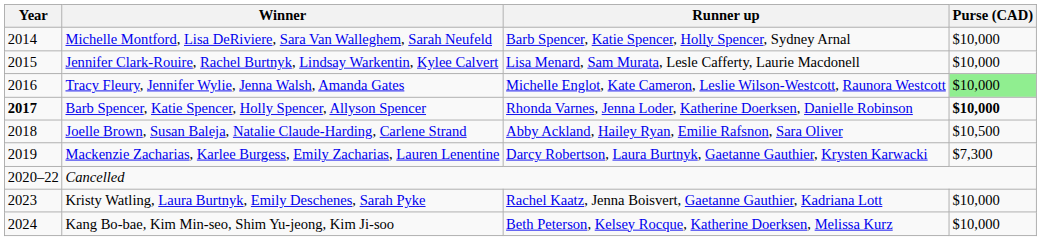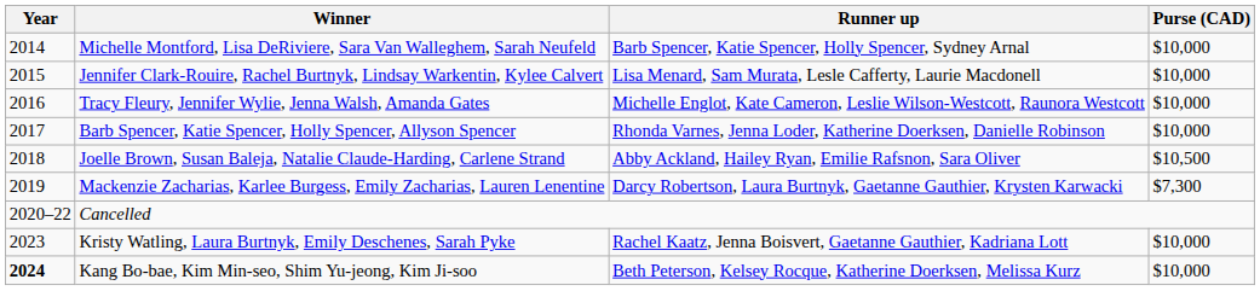 <table class="wikitable">
 <tr>
 <th>Year</th>
 <th>Winner</th>
 <th>Runner up</th>
 <th>Purse (CAD)</th>
 </tr>
 <tr>
 <td>2014</td>
 <td> <a href='#'>Michelle Montford</a>, <a href='#'>Lisa DeRiviere</a>, <a href='#'>Sara Van Walleghem</a>, <a href='#'>Sarah Neufeld</a></td>
 <td> <a href='#'>Barb Spencer</a>, <a href='#'>Katie Spencer</a>, <a href='#'>Holly Spencer</a>, Sydney Arnal</td>
 <td>$10,000</td>
 </tr>
 <tr>
 <td>2015</td>
 <td> <a href='#'>Jennifer Clark-Rouire</a>, <a href='#'>Rachel Burtnyk</a>, <a href='#'>Lindsay Warkentin</a>, <a href='#'>Kylee Calvert</a></td>
 <td> <a href='#'>Lisa Menard</a>, <a href='#'>Sam Murata</a>, Lesle Cafferty, Laurie Macdonell</td>
 <td>$10,000</td>
 </tr>
 <tr>
 <td>2016</td>
 <td> <a href='#'>Tracy Fleury</a>, <a href='#'>Jennifer Wylie</a>, <a href='#'>Jenna Walsh</a>, <a href='#'>Amanda Gates</a></td>
 <td> <a href='#'>Michelle Englot</a>, <a href='#'>Kate Cameron</a>, <a href='#'>Leslie Wilson-Westcott</a>, <a href='#'>Raunora Westcott</a></td>
-<td style="background: lightgreen;">$10,000</td>
+<td>$10,000</td>
 </tr>
 <tr>
-<td><strong>2017</strong></td>
+<td>2017</td>
 <td> <a href='#'>Barb Spencer</a>, <a href='#'>Katie Spencer</a>, <a href='#'>Holly Spencer</a>, <a href='#'>Allyson Spencer</a></td>
 <td> <a href='#'>Rhonda Varnes</a>, <a href='#'>Jenna Loder</a>, <a href='#'>Katherine Doerksen</a>, <a href='#'>Danielle Robinson</a></td>
-<td><strong>$10,000</strong></td>
+<td>$10,000</td>
 </tr>
 <tr>
 <td>2018</td>
 <td> <a href='#'>Joelle Brown</a>, <a href='#'>Susan Baleja</a>, <a href='#'>Natalie Claude-Harding</a>, <a href='#'>Carlene Strand</a></td>
 <td> <a href='#'>Abby Ackland</a>, <a href='#'>Hailey Ryan</a>, <a href='#'>Emilie Rafsnon</a>, <a href='#'>Sara Oliver</a></td>
 <td>$10,500</td>
 </tr>
 <tr>
 <td>2019</td>
 <td> <a href='#'>Mackenzie Zacharias</a>, <a href='#'>Karlee Burgess</a>, <a href='#'>Emily Zacharias</a>, <a href='#'>Lauren Lenentine</a></td>
 <td> <a href='#'>Darcy Robertson</a>, <a href='#'>Laura Burtnyk</a>, <a href='#'>Gaetanne Gauthier</a>, <a href='#'>Krysten Karwacki</a></td>
 <td>$7,300</td>
 </tr>
 <tr>
 <td>2020–22</td>
 <td colspan="3"><em>Cancelled</em></td>
 </tr>
 <tr>
 <td>2023</td>
 <td> Kristy Watling, <a href='#'>Laura Burtnyk</a>, <a href='#'>Emily Deschenes</a>, <a href='#'>Sarah Pyke</a></td>
 <td> <a href='#'>Rachel Kaatz</a>, Jenna Boisvert, <a href='#'>Gaetanne Gauthier</a>, <a href='#'>Kadriana Lott</a></td>
 <td>$10,000</td>
 </tr>
 <tr>
-<td>2024</td>
+<td><strong>2024</strong></td>
 <td> Kang Bo-bae, Kim Min-seo, Shim Yu-jeong, Kim Ji-soo</td>
 <td> <a href='#'>Beth Peterson</a>, <a href='#'>Kelsey Rocque</a>, <a href='#'>Katherine Doerksen</a>, <a href='#'>Melissa Kurz</a></td>
 <td>$10,000</td>
 </tr>
 </table>
